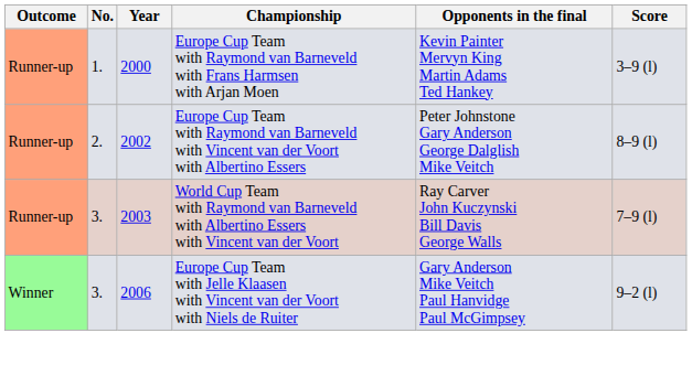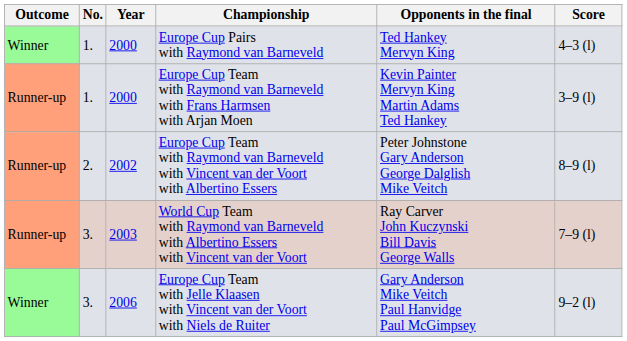 <table class="sortable wikitable">
 <tr>
 <th style="width:80px;">Outcome</th>
 <th style="width:20px;">No.</th>
 <th style="width:50px;">Year</th>
 <th style="width:250px;">Championship</th>
 <th style="width:200px;">Opponents in the final</th>
 <th style="width:70px;">Score</th>
+</tr>
+<tr style="background:#dfe2e9;">
+<td style="background:#98FB98">Winner</td>
+<td>1.</td>
+<td><a href='#'>2000</a></td>
+<td><a href='#'>Europe Cup</a> Pairs<br>with  <a href='#'>Raymond van Barneveld</a></td>
+<td> <a href='#'>Ted Hankey</a><br> <a href='#'>Mervyn King</a></td>
+<td>4–3 (l)</td>
 </tr>
 <tr style="background:#dfe2e9;">
 <td style="background:#ffa07a">Runner-up</td>
 <td>1.</td>
 <td><a href='#'>2000</a></td>
 <td><a href='#'>Europe Cup</a> Team<br>with  <a href='#'>Raymond van Barneveld</a><br>with  <a href='#'>Frans Harmsen</a><br>with  Arjan Moen</td>
 <td> <a href='#'>Kevin Painter</a><br> <a href='#'>Mervyn King</a><br> <a href='#'>Martin Adams</a><br> <a href='#'>Ted Hankey</a></td>
 <td>3–9 (l)</td>
 </tr>
 <tr style="background:#dfe2e9;">
 <td style="background:#ffa07a">Runner-up</td>
 <td>2.</td>
 <td><a href='#'>2002</a></td>
 <td><a href='#'>Europe Cup</a> Team<br>with  <a href='#'>Raymond van Barneveld</a><br>with  <a href='#'>Vincent van der Voort</a><br>with  <a href='#'>Albertino Essers</a></td>
 <td> Peter Johnstone<br> <a href='#'>Gary Anderson</a><br> <a href='#'>George Dalglish</a><br> <a href='#'>Mike Veitch</a></td>
 <td>8–9 (l)</td>
 </tr>
 <tr style="background:#e5d1cb;">
 <td style="background:#ffa07a">Runner-up</td>
 <td>3.</td>
 <td><a href='#'>2003</a></td>
 <td><a href='#'>World Cup</a> Team<br>with  <a href='#'>Raymond van Barneveld</a><br>with  <a href='#'>Albertino Essers</a><br>with  <a href='#'>Vincent van der Voort</a></td>
 <td> Ray Carver<br> <a href='#'>John Kuczynski</a><br> <a href='#'>Bill Davis</a><br> <a href='#'>George Walls</a></td>
 <td>7–9 (l)</td>
 </tr>
 <tr style="background:#dfe2e9;">
 <td style="background:#98FB98">Winner</td>
 <td>3.</td>
 <td><a href='#'>2006</a></td>
 <td><a href='#'>Europe Cup</a> Team<br>with  <a href='#'>Jelle Klaasen</a><br>with  <a href='#'>Vincent van der Voort</a><br>with  <a href='#'>Niels de Ruiter</a></td>
 <td> <a href='#'>Gary Anderson</a><br> <a href='#'>Mike Veitch</a><br> <a href='#'>Paul Hanvidge</a><br> <a href='#'>Paul McGimpsey</a></td>
 <td>9–2 (l)</td>
 </tr>
 </table>
